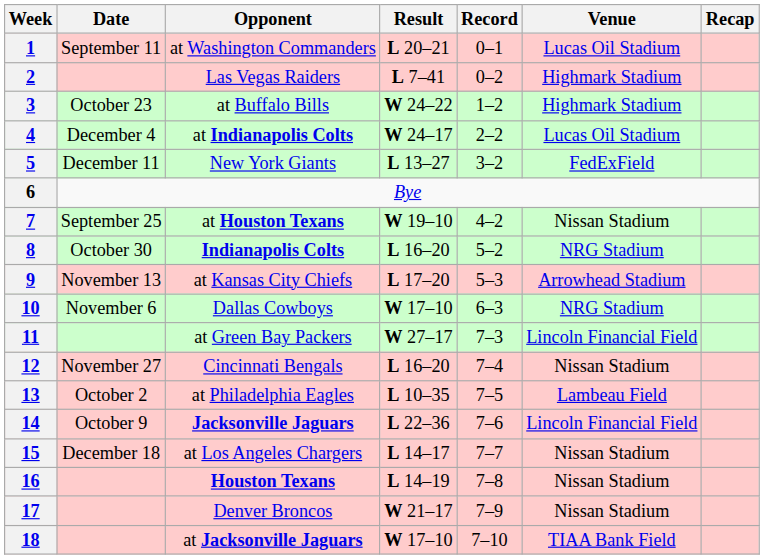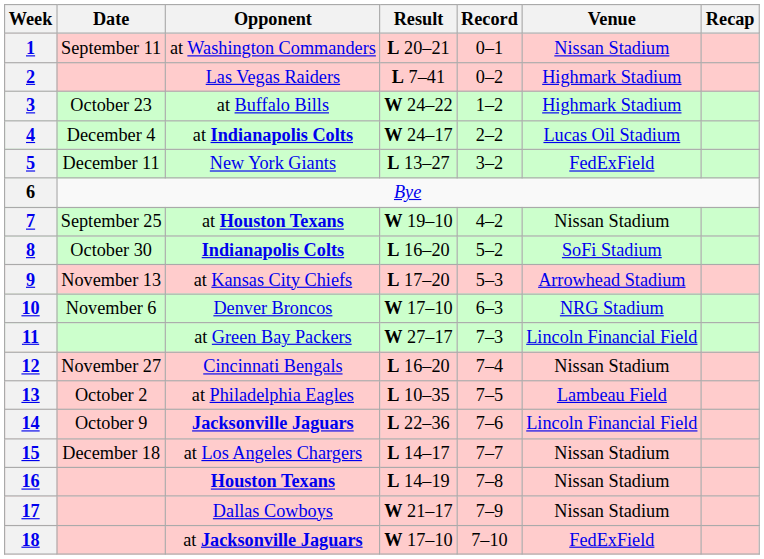 <table class="wikitable" style="text-align:center">
 <tr>
 <th>Week</th>
 <th>Date</th>
 <th>Opponent</th>
 <th>Result</th>
 <th>Record</th>
 <th>Venue</th>
 <th>Recap</th>
 </tr>
 <tr style="background:#fcc">
 <th><a href='#'>1</a></th>
 <td>September 11</td>
 <td>at <a href='#'>Washington Commanders</a></td>
 <td><strong>L</strong> 20–21</td>
 <td>0–1</td>
-<td><a href='#'>Lucas Oil Stadium</a></td>
+<td><a href='#'>Nissan Stadium</a></td>
 <td></td>
 </tr>
 <tr style="background:#fcc">
 <th><a href='#'>2</a></th>
 <td></td>
 <td><a href='#'>Las Vegas Raiders</a></td>
 <td><strong>L</strong> 7–41</td>
 <td>0–2</td>
 <td><a href='#'>Highmark Stadium</a></td>
 <td></td>
 </tr>
 <tr style="background:#cfc">
 <th><a href='#'>3</a></th>
 <td>October 23</td>
 <td>at <a href='#'>Buffalo Bills</a></td>
 <td><strong>W</strong> 24–22</td>
 <td>1–2</td>
 <td><a href='#'>Highmark Stadium</a></td>
 <td></td>
 </tr>
 <tr style="background:#cfc">
 <th><a href='#'>4</a></th>
 <td>December 4</td>
 <td>at <strong><a href='#'>Indianapolis Colts</a></strong></td>
 <td><strong>W</strong> 24–17</td>
 <td>2–2</td>
 <td><a href='#'>Lucas Oil Stadium</a></td>
 <td></td>
 </tr>
 <tr style="background:#cfc">
 <th><a href='#'>5</a></th>
 <td>December 11</td>
 <td><a href='#'>New York Giants</a></td>
 <td><strong>L</strong> 13–27</td>
 <td>3–2</td>
 <td><a href='#'>FedExField</a></td>
 <td></td>
 </tr>
 <tr>
 <th>6</th>
 <td colspan="6"><em><a href='#'>Bye</a></em></td>
 </tr>
 <tr style="background:#cfc">
 <th><a href='#'>7</a></th>
 <td>September 25</td>
 <td>at <strong><a href='#'>Houston Texans</a></strong></td>
 <td><strong>W</strong> 19–10</td>
 <td>4–2</td>
 <td>Nissan Stadium</td>
 <td></td>
 </tr>
 <tr style="background:#cfc">
 <th><a href='#'>8</a></th>
 <td>October 30</td>
 <td><strong><a href='#'>Indianapolis Colts</a></strong></td>
 <td><strong>L</strong> 16–20</td>
 <td>5–2</td>
-<td><a href='#'>NRG Stadium</a></td>
+<td><a href='#'>SoFi Stadium</a></td>
 <td></td>
 </tr>
 <tr style="background:#fcc">
 <th><a href='#'>9</a></th>
 <td>November 13</td>
 <td>at <a href='#'>Kansas City Chiefs</a></td>
 <td><strong>L</strong> 17–20 </td>
 <td>5–3</td>
 <td><a href='#'>Arrowhead Stadium</a></td>
 <td></td>
 </tr>
 <tr style="background:#cfc">
 <th><a href='#'>10</a></th>
 <td>November 6</td>
-<td><a href='#'>Dallas Cowboys</a></td>
+<td><a href='#'>Denver Broncos</a></td>
 <td><strong>W</strong> 17–10</td>
 <td>6–3</td>
 <td><a href='#'>NRG Stadium</a></td>
 <td></td>
 </tr>
 <tr style="background:#cfc">
 <th><a href='#'>11</a></th>
 <td></td>
 <td>at <a href='#'>Green Bay Packers</a></td>
 <td><strong>W</strong> 27–17</td>
 <td>7–3</td>
 <td><a href='#'>Lincoln Financial Field</a></td>
 <td></td>
 </tr>
 <tr style="background:#fcc">
 <th><a href='#'>12</a></th>
 <td>November 27</td>
 <td><a href='#'>Cincinnati Bengals</a></td>
 <td><strong>L</strong> 16–20</td>
 <td>7–4</td>
 <td>Nissan Stadium</td>
 <td></td>
 </tr>
 <tr style="background:#fcc">
 <th><a href='#'>13</a></th>
 <td>October 2</td>
 <td>at <a href='#'>Philadelphia Eagles</a></td>
 <td><strong>L</strong> 10–35</td>
 <td>7–5</td>
 <td><a href='#'>Lambeau Field</a></td>
 <td></td>
 </tr>
 <tr style="background:#fcc">
 <th><a href='#'>14</a></th>
 <td>October 9</td>
 <td><strong><a href='#'>Jacksonville Jaguars</a></strong></td>
 <td><strong>L</strong> 22–36</td>
 <td>7–6</td>
 <td><a href='#'>Lincoln Financial Field</a></td>
 <td></td>
 </tr>
 <tr style="background:#fcc">
 <th><a href='#'>15</a></th>
 <td>December 18</td>
 <td>at <a href='#'>Los Angeles Chargers</a></td>
 <td><strong>L</strong> 14–17</td>
 <td>7–7</td>
 <td>Nissan Stadium</td>
 <td></td>
 </tr>
 <tr style="background:#fcc">
 <th><a href='#'>16</a></th>
 <td></td>
 <td><strong><a href='#'>Houston Texans</a></strong></td>
 <td><strong>L</strong> 14–19</td>
 <td>7–8</td>
 <td>Nissan Stadium</td>
 <td></td>
 </tr>
 <tr style="background:#fcc">
 <th><a href='#'>17</a></th>
 <td></td>
-<td><a href='#'>Denver Broncos</a></td>
+<td><a href='#'>Dallas Cowboys</a></td>
 <td><strong>W</strong> 21–17</td>
 <td>7–9</td>
 <td>Nissan Stadium</td>
 <td></td>
 </tr>
 <tr style="background:#fcc">
 <th><a href='#'>18</a></th>
 <td></td>
 <td>at <strong><a href='#'>Jacksonville Jaguars</a></strong></td>
 <td><strong>W</strong> 17–10</td>
 <td>7–10</td>
-<td><a href='#'>TIAA Bank Field</a></td>
+<td><a href='#'>FedExField</a></td>
 <td></td>
 </tr>
 </table>
